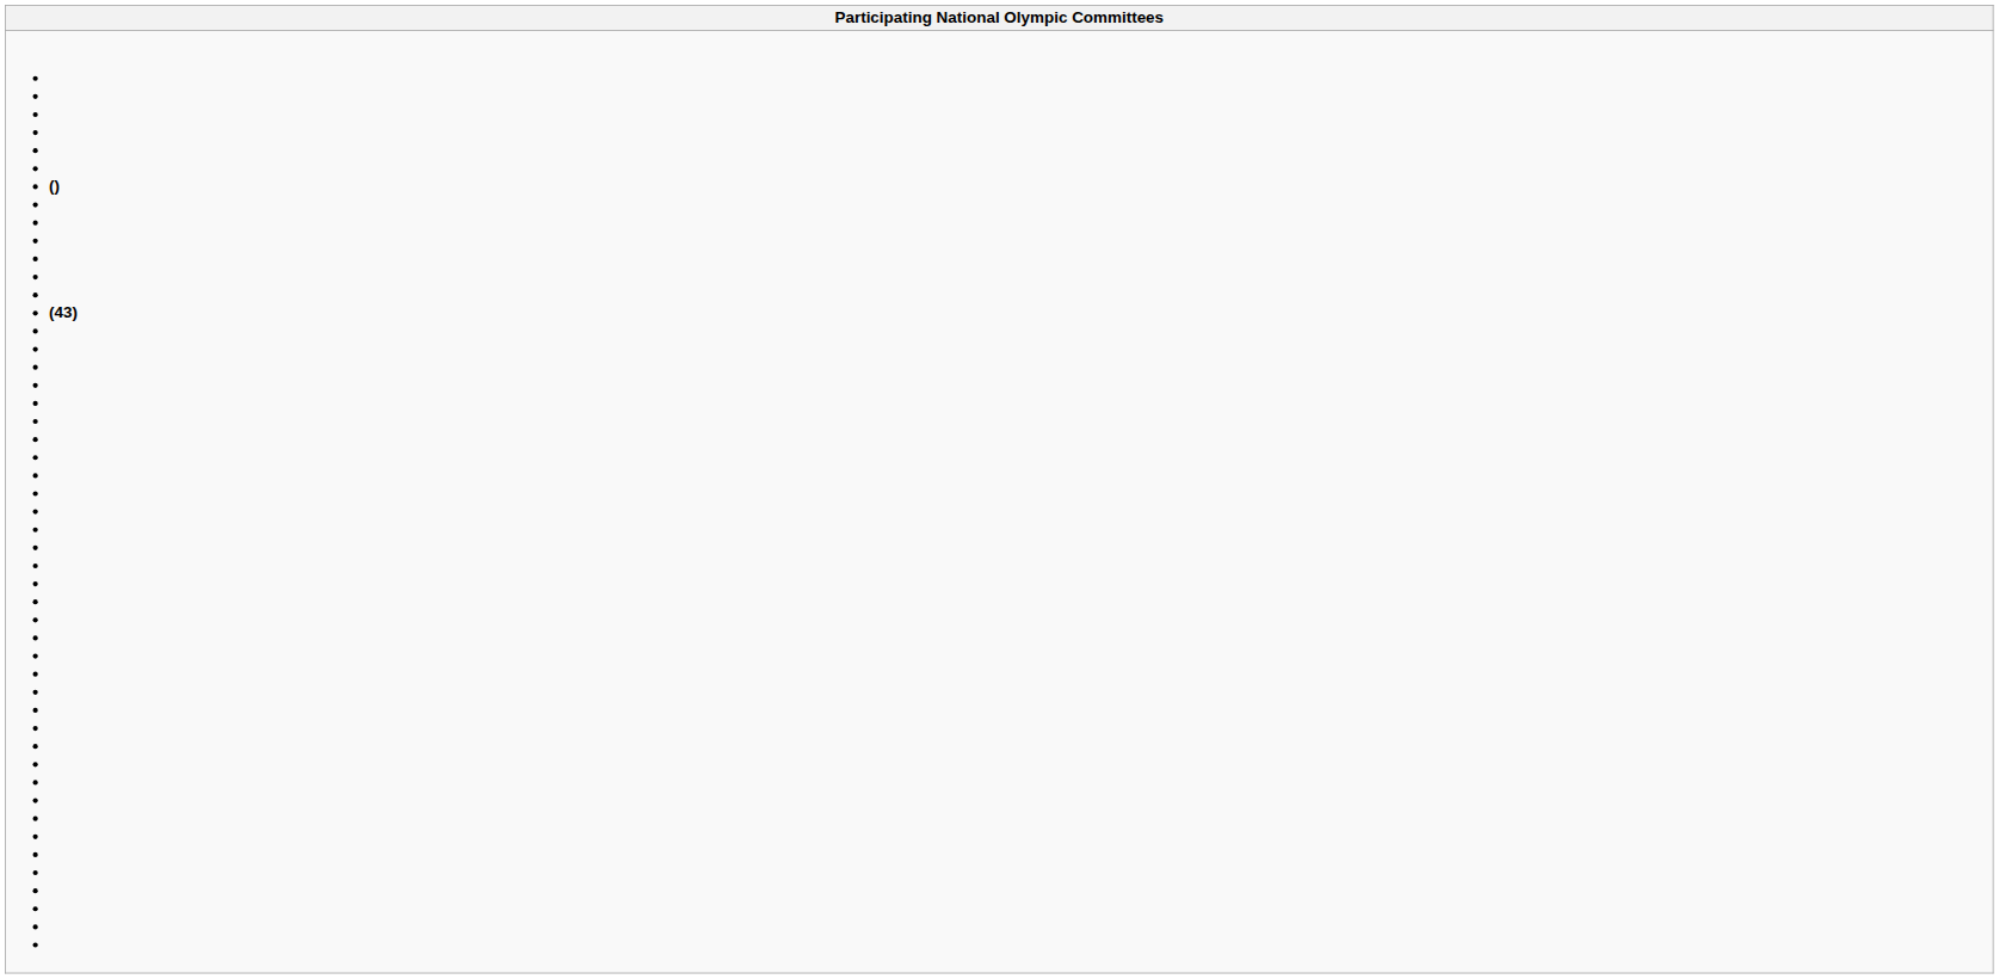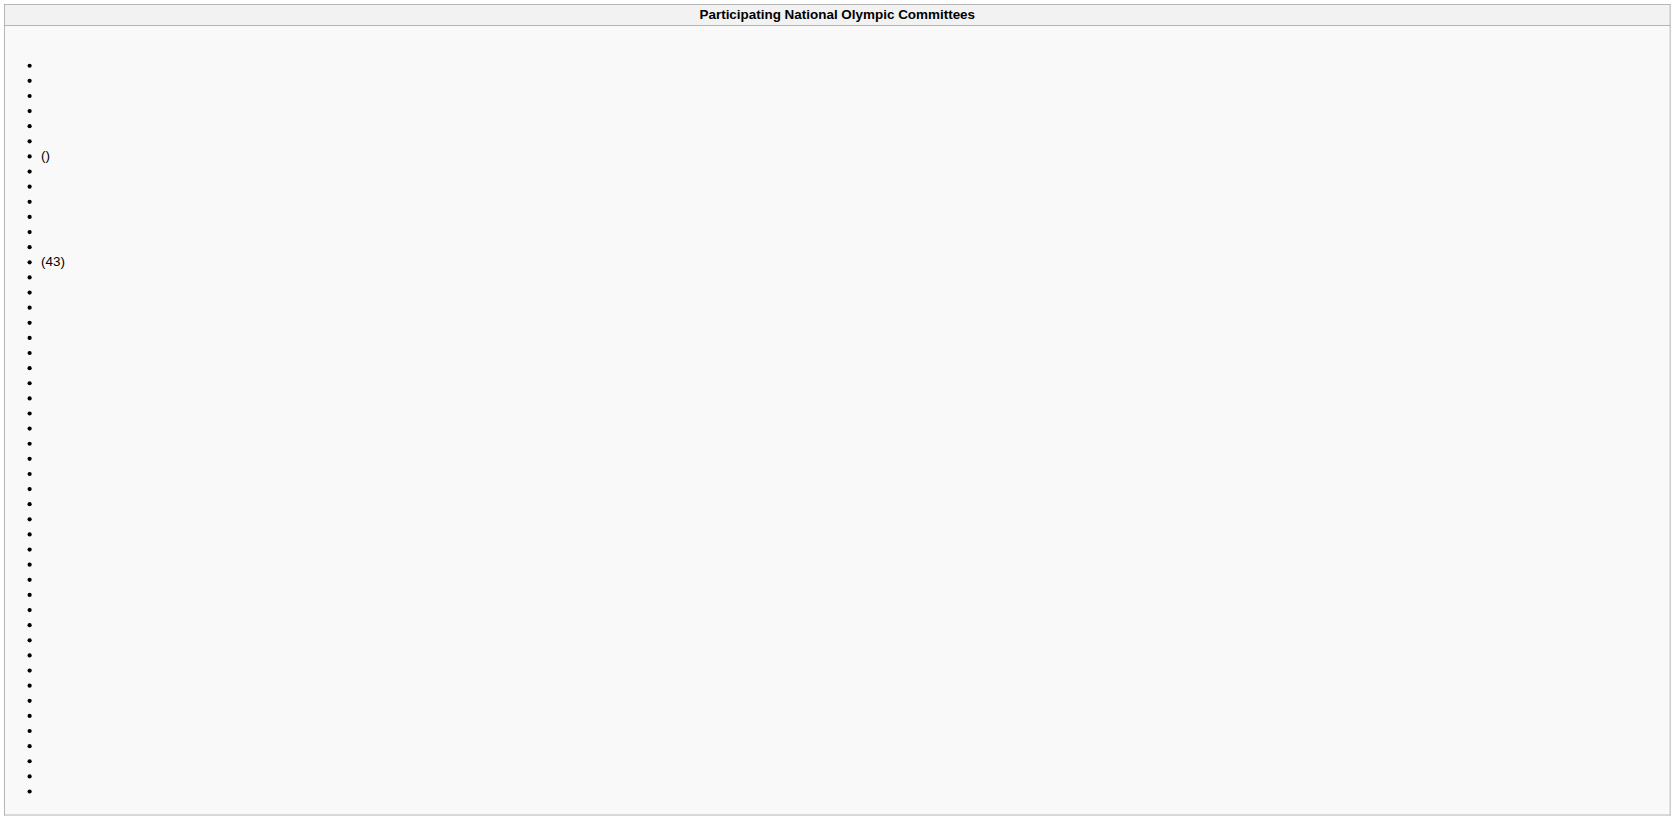 <table class="wikitable collapsible" style="width:100%;">
 <tr>
 <th>Participating National Olympic Committees</th>
 </tr>
 <tr>
-<td><strong><br><ul><li></li><li></li><li></li><li></li><li></li><li></li><li> ()</li><li></li><li></li><li></li><li></li><li></li><li></li><li> (43)</li><li></li><li></li><li></li><li></li><li></li><li></li><li></li><li></li><li></li><li></li><li></li><li></li><li></li><li></li><li></li><li></li><li></li><li></li><li></li><li></li><li></li><li></li><li></li><li></li><li></li><li></li><li></li><li></li><li></li><li></li><li></li><li></li><li></li><li></li><li></li></ul></strong></td>
+<td><br><ul><li></li><li></li><li></li><li></li><li></li><li></li><li> ()</li><li></li><li></li><li></li><li></li><li></li><li></li><li> (43)</li><li></li><li></li><li></li><li></li><li></li><li></li><li></li><li></li><li></li><li></li><li></li><li></li><li></li><li></li><li></li><li></li><li></li><li></li><li></li><li></li><li></li><li></li><li></li><li></li><li></li><li></li><li></li><li></li><li></li><li></li><li></li><li></li><li></li><li></li><li></li></ul></td>
 </tr>
 </table>
